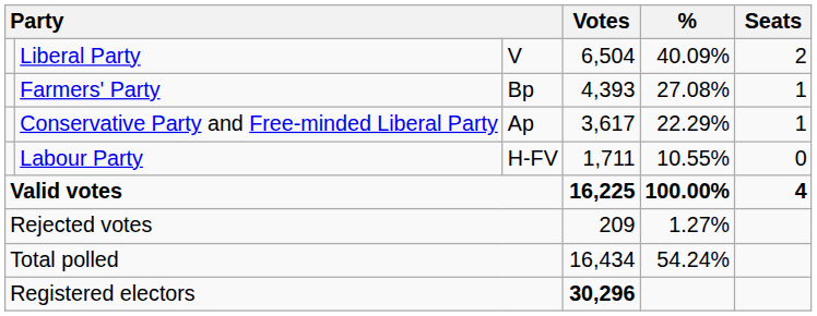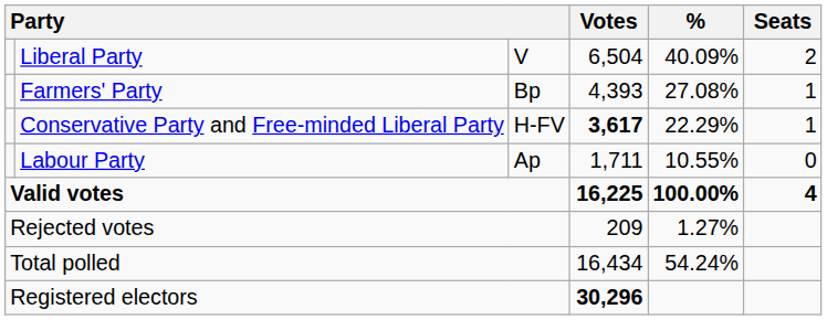 <table class="wikitable" border="1" style="text-align:right;">
 <tr>
 <th style="text-align:left;" colspan=3>Party</th>
 <th align=center width="50">Votes</th>
 <th align=center width="50">%</th>
 <th align=center width="50">Seats</th>
 </tr>
 <tr>
 <td style="color:inherit;background:"></td>
 <td align=left><a href='#'>Liberal Party</a></td>
 <td align=left>V</td>
 <td>6,504</td>
 <td>40.09%</td>
 <td>2</td>
 </tr>
 <tr>
 <td style="color:inherit;background:"></td>
 <td align=left><a href='#'>Farmers' Party</a></td>
 <td align=left>Bp</td>
 <td>4,393</td>
 <td>27.08%</td>
 <td>1</td>
 </tr>
 <tr>
 <td></td>
 <td align=left><a href='#'>Conservative Party</a> and <a href='#'>Free-minded Liberal Party</a></td>
-<td align=left>Ap</td>
-<td>3,617</td>
+<td align=left>H-FV</td>
+<td><strong>3,617</strong></td>
 <td>22.29%</td>
 <td>1</td>
 </tr>
 <tr>
 <td style="color:inherit;background:"></td>
 <td align=left><a href='#'>Labour Party</a></td>
-<td align=left>H-FV</td>
+<td align=left>Ap</td>
 <td>1,711</td>
 <td>10.55%</td>
 <td>0</td>
 </tr>
 <tr style="font-weight:bold">
 <td align=left colspan=3>Valid votes</td>
 <td>16,225</td>
 <td>100.00%</td>
 <td>4</td>
 </tr>
 <tr>
 <td align=left colspan=3>Rejected votes</td>
 <td>209</td>
 <td>1.27%</td>
 <td></td>
 </tr>
 <tr>
 <td align=left colspan=3>Total polled</td>
 <td>16,434</td>
 <td>54.24%</td>
 <td></td>
 </tr>
 <tr>
 <td align=left colspan=3>Registered electors</td>
 <td><strong>30,296</strong></td>
 <td></td>
 <td></td>
 </tr>
 </table>
